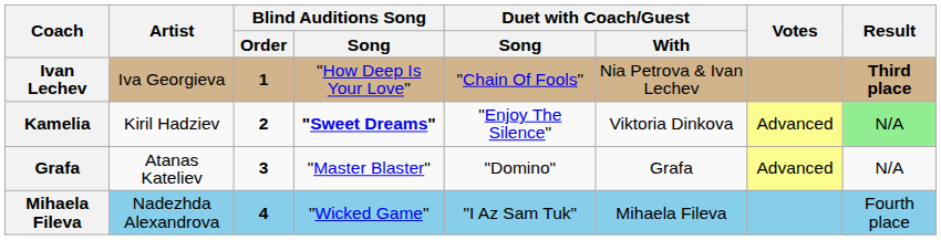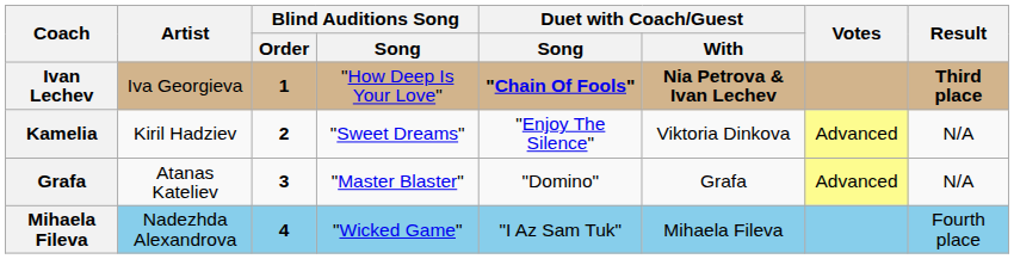 <table class="wikitable" style="text-align:center; line-height:17px; width:auto;">
 <tr>
 <th rowspan="2" width="09%">Coach</th>
 <th rowspan="2" width="09%">Artist</th>
 <th colspan="2">Blind Auditions Song</th>
 <th colspan="2">Duet with Coach/Guest</th>
 <th rowspan="2" width="05%">Votes</th>
 <th rowspan="2" width="08%">Result</th>
 </tr>
 <tr>
 <th width="02%">Order</th>
 <th width="13%">Song</th>
 <th width="13%">Song</th>
 <th width="13%">With</th>
 </tr>
 <tr>
 <th>Ivan Lechev</th>
 <td style="background:tan;">Iva Georgieva</td>
 <td style="background:tan"><strong>1</strong></td>
 <td style="background:tan;">"<a href='#'>How Deep Is Your Love</a>"</td>
-<td style="background:tan;">"<a href='#'>Chain Of Fools</a>"</td>
-<td style="background:tan;">Nia Petrova & Ivan Lechev</td>
+<td style="background:tan;"><strong>"<a href='#'>Chain Of Fools</a>"</strong></td>
+<td style="background:tan;"><strong>Nia Petrova & Ivan Lechev</strong></td>
 <td style="background:tan;"></td>
 <td style="background:tan;"><strong>Third place</strong></td>
 </tr>
 <tr>
 <th>Kamelia</th>
 <td style="background:#;">Kiril Hadziev</td>
 <td style="background:#;"><strong>2</strong></td>
-<td style="background:#;"><strong>"<a href='#'>Sweet Dreams</a>"</strong></td>
+<td style="background:#;">"<a href='#'>Sweet Dreams</a>"</td>
 <td style="background:#;">"<a href='#'>Enjoy The Silence</a>"</td>
 <td style="background:#;">Viktoria Dinkova</td>
 <td style="background:#fdfc8f;">Advanced</td>
-<td style="background: lightgreen;">N/A</td>
+<td>N/A</td>
 </tr>
 <tr>
 <th>Grafa</th>
 <td style="background:#;">Atanas Kateliev</td>
 <td style="background:#;"><strong>3</strong></td>
 <td style="background:#;">"<a href='#'>Master Blaster</a>"</td>
 <td style="background:#;">"Domino"</td>
 <td style="background:#;">Grafa</td>
 <td style="background:#fdfc8f;">Advanced</td>
 <td>N/A</td>
 </tr>
 <tr>
 <th>Mihaela Fileva</th>
 <td style="background:skyblue;">Nadezhda Alexandrova</td>
 <td style="background:skyblue;"><strong>4</strong></td>
 <td style="background:skyblue;">"<a href='#'>Wicked Game</a>"</td>
 <td style="background:skyblue;">"I Az Sam Tuk"</td>
 <td style="background:skyblue;">Mihaela Fileva</td>
 <td style="background:skyblue;"></td>
 <td style="background:skyblue;">Fourth place</td>
 </tr>
 </table>
